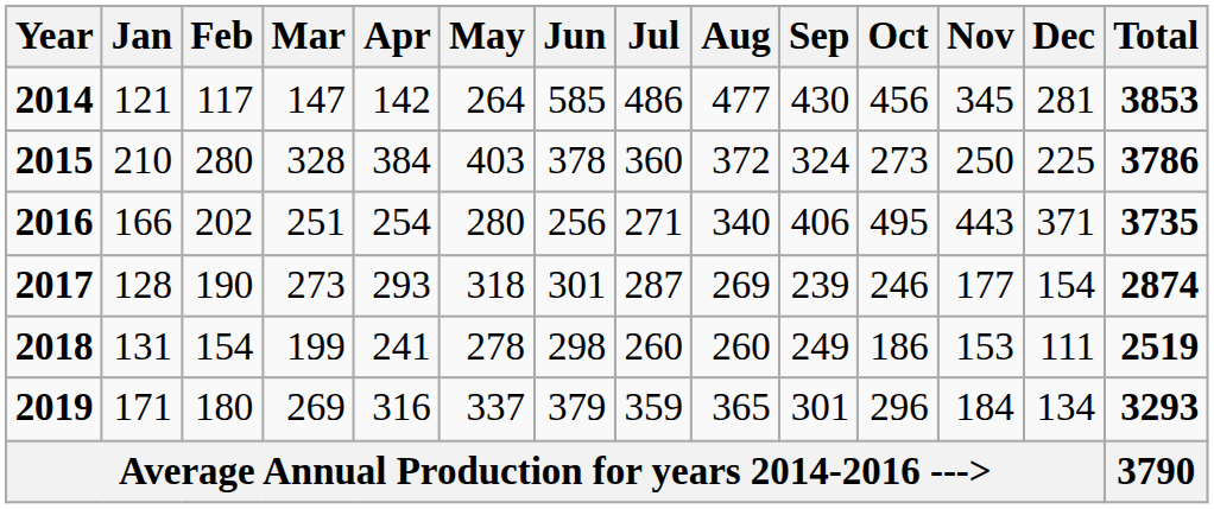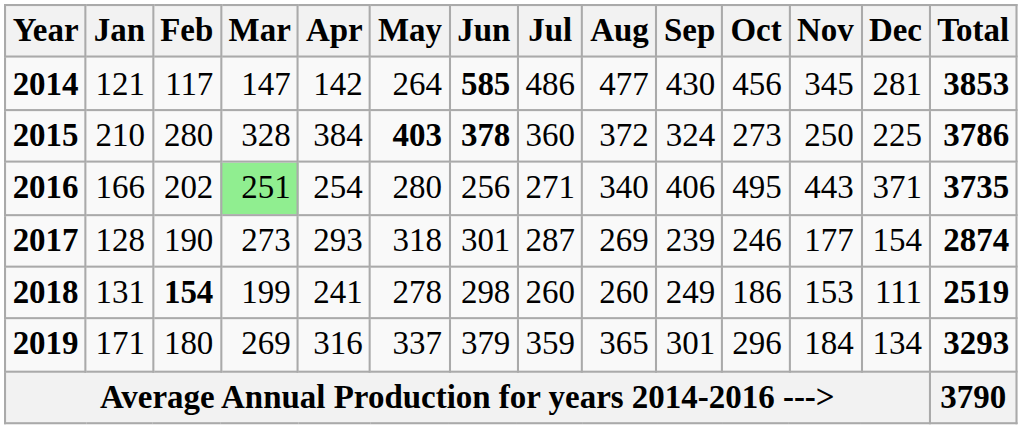 <table class=wikitable>
 <tr>
 <th>Year</th>
 <th>Jan</th>
 <th>Feb</th>
 <th>Mar</th>
 <th>Apr</th>
 <th>May</th>
 <th>Jun</th>
 <th>Jul</th>
 <th>Aug</th>
 <th>Sep</th>
 <th>Oct</th>
 <th>Nov</th>
 <th>Dec</th>
 <th>Total</th>
 </tr>
 <tr align=right>
 <td><strong>2014</strong></td>
 <td>121</td>
 <td>117</td>
 <td>147</td>
 <td>142</td>
 <td>264</td>
-<td>585</td>
+<td><strong>585</strong></td>
 <td>486</td>
 <td>477</td>
 <td>430</td>
 <td>456</td>
 <td>345</td>
 <td>281</td>
 <td><strong>3853</strong></td>
 </tr>
 <tr align=right>
 <td><strong>2015</strong></td>
 <td>210</td>
 <td>280</td>
 <td>328</td>
 <td>384</td>
-<td>403</td>
-<td>378</td>
+<td><strong>403</strong></td>
+<td><strong>378</strong></td>
 <td>360</td>
 <td>372</td>
 <td>324</td>
 <td>273</td>
 <td>250</td>
 <td>225</td>
 <td><strong>3786</strong></td>
 </tr>
 <tr align=right>
 <td><strong>2016</strong></td>
 <td>166</td>
 <td>202</td>
-<td>251</td>
+<td style="background: lightgreen;">251</td>
 <td>254</td>
 <td>280</td>
 <td>256</td>
 <td>271</td>
 <td>340</td>
 <td>406</td>
 <td>495</td>
 <td>443</td>
 <td>371</td>
 <td><strong>3735</strong></td>
 </tr>
 <tr align=right>
 <td><strong>2017</strong></td>
 <td>128</td>
 <td>190</td>
 <td>273</td>
 <td>293</td>
 <td>318</td>
 <td>301</td>
 <td>287</td>
 <td>269</td>
 <td>239</td>
 <td>246</td>
 <td>177</td>
 <td>154</td>
 <td><strong>2874</strong></td>
 </tr>
 <tr align=right>
 <td><strong>2018</strong></td>
 <td>131</td>
-<td>154</td>
+<td><strong>154</strong></td>
 <td>199</td>
 <td>241</td>
 <td>278</td>
 <td>298</td>
 <td>260</td>
 <td>260</td>
 <td>249</td>
 <td>186</td>
 <td>153</td>
 <td>111</td>
 <td><strong>2519</strong></td>
 </tr>
 <tr align=right>
 <td><strong>2019</strong></td>
 <td>171</td>
 <td>180</td>
 <td>269</td>
 <td>316</td>
 <td>337</td>
 <td>379</td>
 <td>359</td>
 <td>365</td>
 <td>301</td>
 <td>296</td>
 <td>184</td>
 <td>134</td>
 <td><strong>3293</strong></td>
 </tr>
 <tr align=right>
 <th colspan=13>Average Annual Production for years 2014-2016 ---></th>
 <th>3790</th>
 </tr>
 </table>
